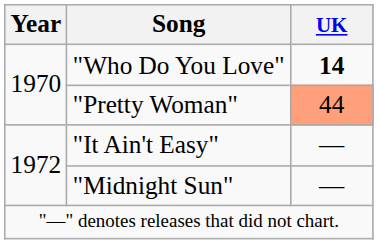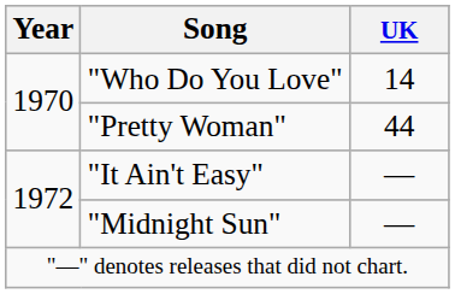 <table class="wikitable">
 <tr>
 <th>Year</th>
 <th>Song</th>
 <th style="width:45px;"><small><a href='#'>UK</a></small><br></th>
 </tr>
 <tr>
 <td rowspan="2">1970</td>
 <td>"Who Do You Love"</td>
-<td align=center><strong>14</strong></td>
+<td align=center>14</td>
 </tr>
 <tr>
 <td>"Pretty Woman"</td>
-<td align=center style="background: lightsalmon;">44</td>
+<td align=center>44</td>
 </tr>
 <tr>
 <td rowspan="2">1972</td>
 <td>"It Ain't Easy"</td>
 <td align=center>—</td>
 </tr>
 <tr>
 <td>"Midnight Sun"</td>
 <td align=center>—</td>
 </tr>
 <tr>
 <td colspan="4" style="text-align:center; font-size:9pt;">"—" denotes releases that did not chart.</td>
 </tr>
 </table>
